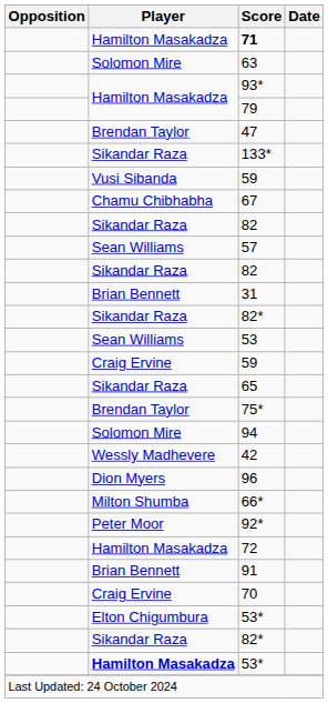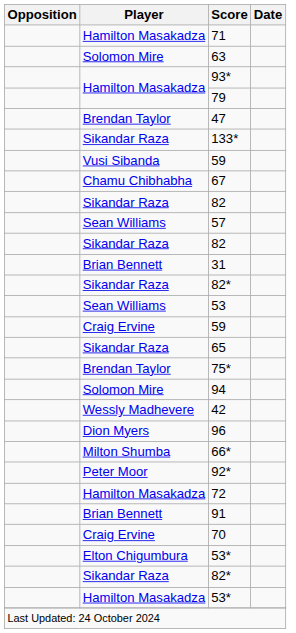 <table class="wikitable sortable">
 <tr>
 <th>Opposition</th>
 <th>Player</th>
 <th>Score</th>
 <th>Date</th>
 </tr>
 <tr>
 <td></td>
 <td><a href='#'>Hamilton Masakadza</a></td>
-<td><strong>71</strong></td>
+<td>71</td>
 <td></td>
 </tr>
 <tr>
 <td></td>
 <td><a href='#'>Solomon Mire</a></td>
 <td>63</td>
 <td></td>
 </tr>
 <tr>
 <td></td>
 <td rowspan=2><a href='#'>Hamilton Masakadza</a></td>
 <td>93*</td>
 <td></td>
 </tr>
 <tr>
 <td></td>
 <td>79</td>
 <td></td>
 </tr>
 <tr>
 <td></td>
 <td><a href='#'>Brendan Taylor</a></td>
 <td>47</td>
 <td></td>
 </tr>
 <tr>
 <td></td>
 <td><a href='#'>Sikandar Raza</a></td>
 <td>133*</td>
 <td></td>
 </tr>
 <tr>
 <td></td>
 <td><a href='#'>Vusi Sibanda</a></td>
 <td>59</td>
 <td></td>
 </tr>
 <tr>
 <td></td>
 <td><a href='#'>Chamu Chibhabha</a></td>
 <td>67</td>
 <td></td>
 </tr>
 <tr>
 <td></td>
 <td><a href='#'>Sikandar Raza</a></td>
 <td>82</td>
 <td></td>
 </tr>
 <tr>
 <td></td>
 <td><a href='#'>Sean Williams</a></td>
 <td>57</td>
 <td></td>
 </tr>
 <tr>
 <td></td>
 <td><a href='#'>Sikandar Raza</a></td>
 <td>82</td>
 <td></td>
 </tr>
 <tr>
 <td></td>
 <td><a href='#'>Brian Bennett</a></td>
 <td>31</td>
 <td></td>
 </tr>
 <tr>
 <td></td>
 <td><a href='#'>Sikandar Raza</a></td>
 <td>82*</td>
 <td></td>
 </tr>
 <tr>
 <td></td>
 <td><a href='#'>Sean Williams</a></td>
 <td>53</td>
 <td></td>
 </tr>
 <tr>
 <td></td>
 <td><a href='#'>Craig Ervine</a></td>
 <td>59</td>
 <td></td>
 </tr>
 <tr>
 <td></td>
 <td><a href='#'>Sikandar Raza</a></td>
 <td>65</td>
 <td></td>
 </tr>
 <tr>
 <td></td>
 <td><a href='#'>Brendan Taylor</a></td>
 <td>75*</td>
 <td></td>
 </tr>
 <tr>
 <td></td>
 <td><a href='#'>Solomon Mire</a></td>
 <td>94</td>
 <td></td>
 </tr>
 <tr>
 <td></td>
 <td><a href='#'>Wessly Madhevere</a></td>
 <td>42</td>
 <td></td>
 </tr>
 <tr>
 <td></td>
 <td><a href='#'>Dion Myers</a></td>
 <td>96</td>
 <td></td>
 </tr>
 <tr>
 <td></td>
 <td><a href='#'>Milton Shumba</a></td>
 <td>66*</td>
 <td></td>
 </tr>
 <tr>
 <td></td>
 <td><a href='#'>Peter Moor</a></td>
 <td>92*</td>
 <td></td>
 </tr>
 <tr>
 <td></td>
 <td><a href='#'>Hamilton Masakadza</a></td>
 <td>72</td>
 <td></td>
 </tr>
 <tr>
 <td></td>
 <td><a href='#'>Brian Bennett</a></td>
 <td>91</td>
 <td></td>
 </tr>
 <tr>
 <td></td>
 <td><a href='#'>Craig Ervine</a></td>
 <td>70</td>
 <td></td>
 </tr>
 <tr>
 <td></td>
 <td><a href='#'>Elton Chigumbura</a></td>
 <td>53*</td>
 <td></td>
 </tr>
 <tr>
 <td></td>
 <td><a href='#'>Sikandar Raza</a></td>
 <td>82*</td>
 <td></td>
 </tr>
 <tr>
 <td></td>
-<td><strong><a href='#'>Hamilton Masakadza</a></strong></td>
+<td><a href='#'>Hamilton Masakadza</a></td>
 <td>53*</td>
 <td></td>
 </tr>
 <tr>
 </tr>
 <tr class=sortbottom>
 <td colspan=5><small>Last Updated: 24 October 2024</small></td>
 </tr>
 </table>
